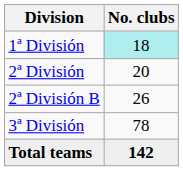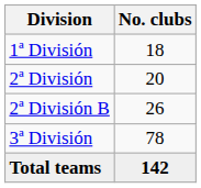 <table class="wikitable">
 <tr>
 <th>Division</th>
 <th>No. clubs</th>
 </tr>
 <tr>
 <td><a href='#'>1ª División</a></td>
-<td align=center style="background: paleturquoise;">18</td>
+<td align=center>18</td>
 </tr>
 <tr>
 <td><a href='#'>2ª División</a></td>
 <td align=center>20</td>
 </tr>
 <tr>
 <td><a href='#'>2ª División B</a></td>
 <td align=center>26</td>
 </tr>
 <tr>
 <td><a href='#'>3ª División</a></td>
 <td align=center>78</td>
 </tr>
 <tr style="background:#efefef; font-weight:bold;">
 <td>Total teams</td>
 <td align=center>142</td>
 </tr>
 </table>
